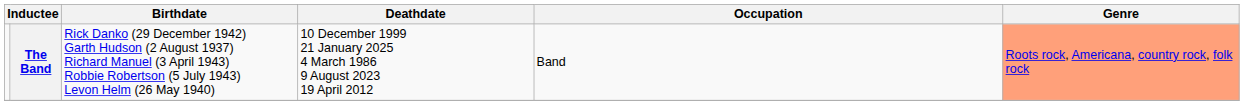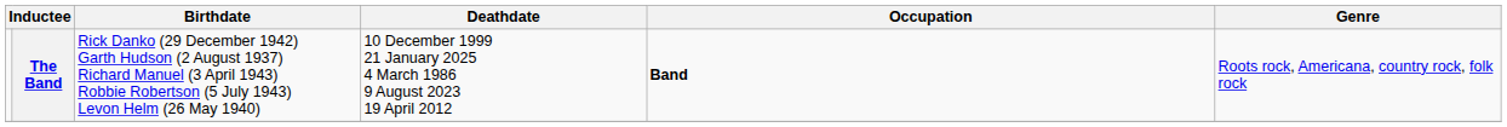 <table class="wikitable" width="100%">
 <tr>
 <th colspan=2>Inductee</th>
 <th width="20%">Birthdate</th>
 <th width="20%">Deathdate</th>
 <th width="40%">Occupation</th>
 <th width="40%">Genre</th>
 </tr>
 <tr>
 <td></td>
 <th><a href='#'>The Band</a></th>
 <td><a href='#'>Rick Danko</a> (29 December 1942) <br> <a href='#'>Garth Hudson</a> (2 August 1937) <br> <a href='#'>Richard Manuel</a> (3 April 1943) <br> <a href='#'>Robbie Robertson</a> (5 July 1943) <br> <a href='#'>Levon Helm</a> (26 May 1940)</td>
 <td>10 December 1999 <br> 21 January 2025 <br> 4 March 1986 <br> 9 August 2023 <br> 19 April 2012</td>
-<td>Band</td>
-<td style="background: lightsalmon;"><a href='#'>Roots rock</a>, <a href='#'>Americana</a>, <a href='#'>country rock</a>, <a href='#'>folk rock</a></td>
+<td><strong>Band</strong></td>
+<td><a href='#'>Roots rock</a>, <a href='#'>Americana</a>, <a href='#'>country rock</a>, <a href='#'>folk rock</a></td>
 </tr>
 <tr>
 </tr>
 </table>
